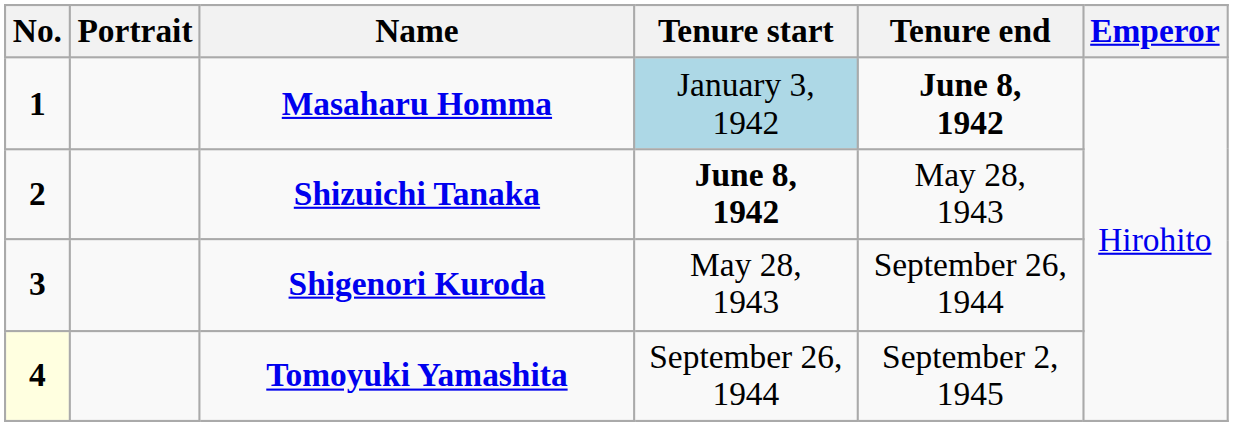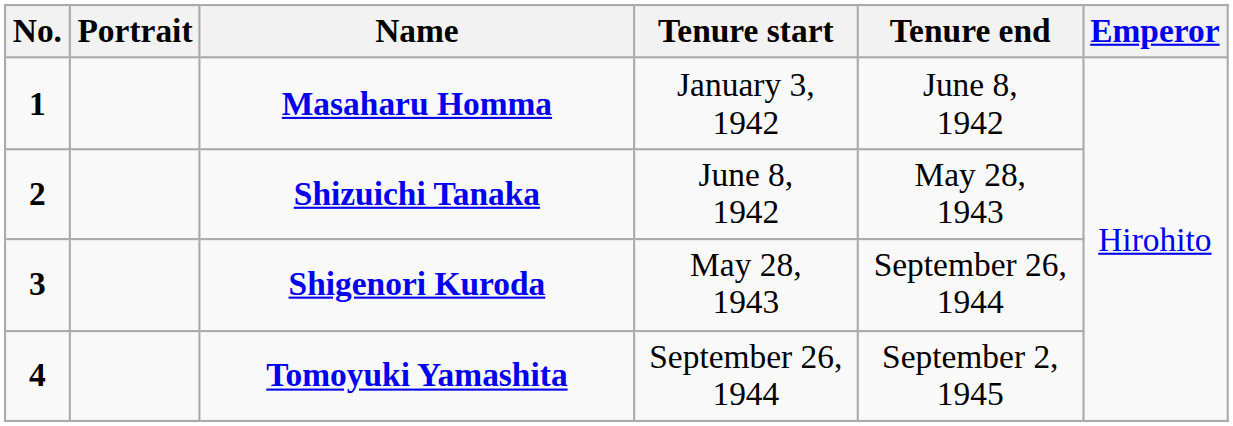 <table class="wikitable" style="text-align:center" |>
 <tr>
 <th>No.</th>
 <th>Portrait</th>
 <th width="200px">Name</th>
 <th width="100px">Tenure start</th>
 <th width="100px">Tenure end</th>
 <th><a href='#'>Emperor</a></th>
 </tr>
 <tr>
 <td><strong>1</strong></td>
 <td></td>
 <td><strong><a href='#'>Masaharu Homma</a></strong><br></td>
-<td style="background: lightblue;">January 3,<br>1942</td>
-<td><strong>June 8,<br>1942</strong></td>
+<td>January 3,<br>1942</td>
+<td>June 8,<br>1942</td>
 <td rowspan="4"><a href='#'>Hirohito</a><br></td>
 </tr>
 <tr>
 <td><strong>2</strong></td>
 <td></td>
 <td><strong><a href='#'>Shizuichi Tanaka</a></strong><br></td>
-<td><strong>June 8,<br>1942</strong></td>
+<td>June 8,<br>1942</td>
 <td>May 28,<br>1943</td>
 </tr>
 <tr>
 <td><strong>3</strong></td>
 <td></td>
 <td><strong><a href='#'>Shigenori Kuroda</a></strong><br></td>
 <td>May 28,<br>1943</td>
 <td>September 26,<br>1944</td>
 </tr>
 <tr>
-<td style="background: lightyellow;"><strong>4</strong></td>
+<td><strong>4</strong></td>
 <td></td>
 <td><strong><a href='#'>Tomoyuki Yamashita</a></strong><br></td>
 <td>September 26,<br>1944</td>
 <td>September 2,<br>1945</td>
 </tr>
 </table>
